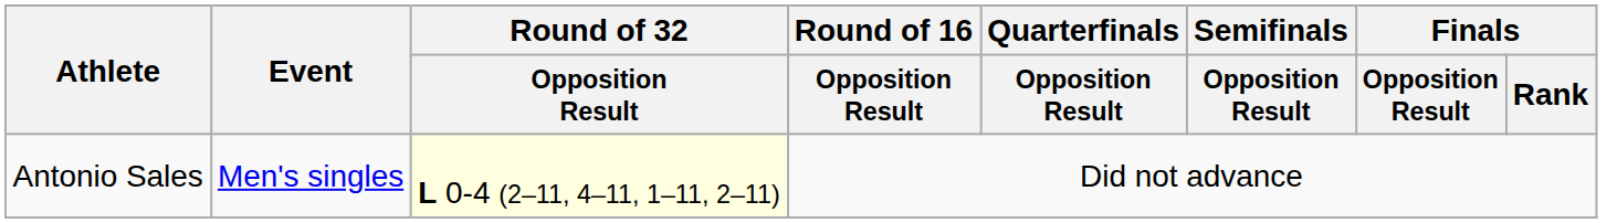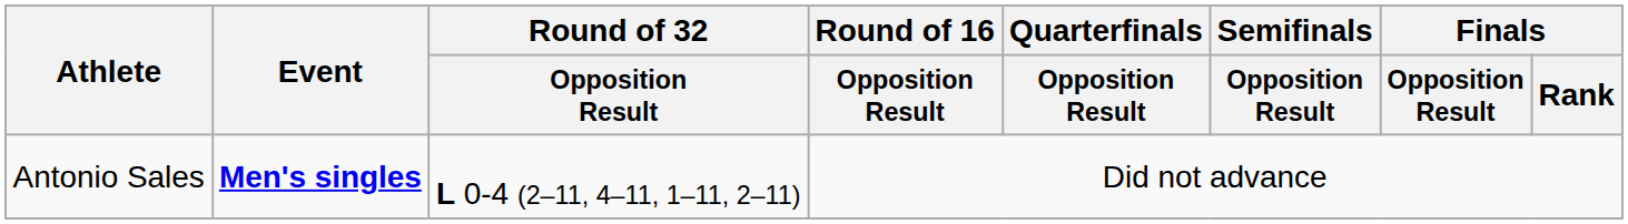 <table class=wikitable style="font-size:90%">
 <tr>
 <th rowspan="2">Athlete</th>
 <th rowspan="2">Event</th>
 <th>Round of 32</th>
 <th>Round of 16</th>
 <th>Quarterfinals</th>
 <th>Semifinals</th>
 <th colspan="2">Finals</th>
 </tr>
 <tr>
 <th style="line-height:1em"><small>Opposition<br>Result</small></th>
 <th style="line-height:1em"><small>Opposition<br>Result</small></th>
 <th style="line-height:1em"><small>Opposition<br>Result</small></th>
 <th style="line-height:1em"><small>Opposition<br>Result</small></th>
 <th style="line-height:1em"><small>Opposition<br>Result</small></th>
 <th>Rank</th>
 </tr>
 <tr>
 <td>Antonio Sales</td>
-<td><a href='#'>Men's singles</a></td>
-<td align="center" style="background: lightyellow;"><br><strong>L</strong> 0-4 <small>(2–11, 4–11, 1–11, 2–11)</small></td>
+<td><strong><a href='#'>Men's singles</a></strong></td>
+<td align="center"><br><strong>L</strong> 0-4 <small>(2–11, 4–11, 1–11, 2–11)</small></td>
 <td align="center" colspan="5">Did not advance</td>
 </tr>
 </table>
